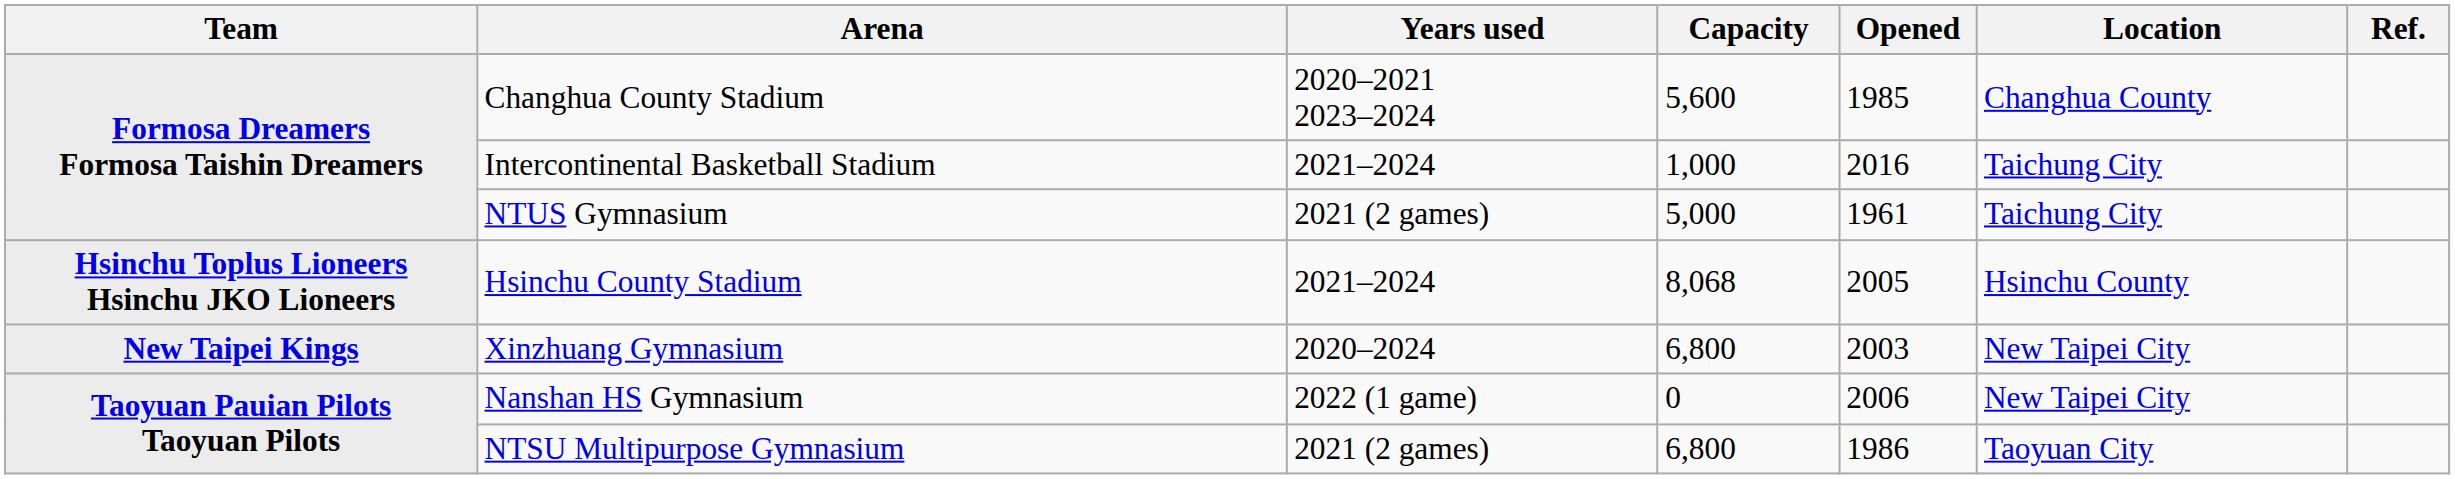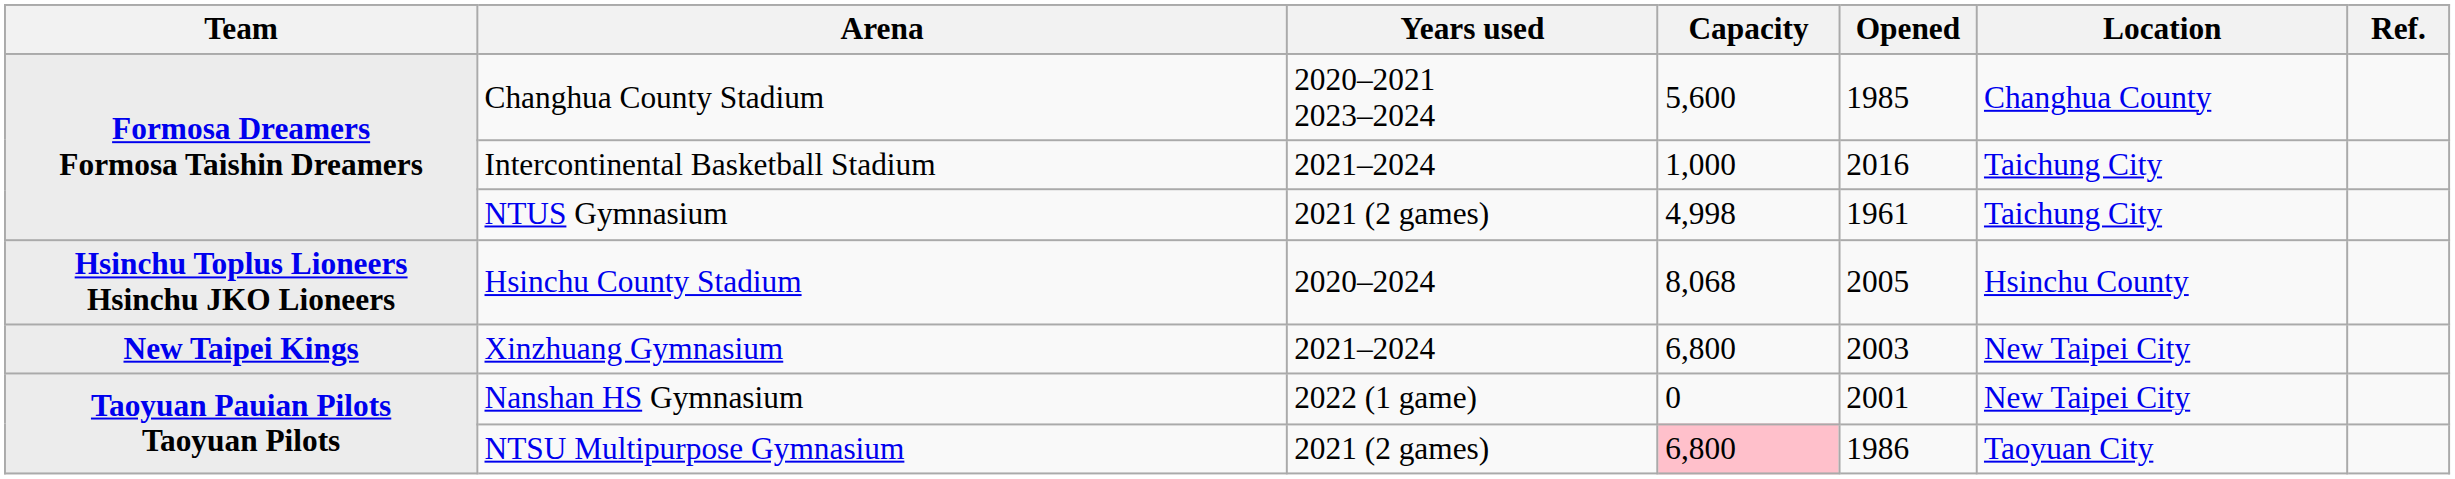 <table class="wikitable sortable plainrowheaders” style="font-size: 85%; text-align: center; width: 100%;">
 <tr>
 <th style="width:14%">Team</th>
 <th style="width:24%">Arena</th>
 <th style="width:11%">Years used</th>
 <th style="width:5%">Capacity</th>
 <th style="width:2%">Opened</th>
 <th style="width:11%">Location</th>
 <th style="width:3%">Ref.</th>
 </tr>
 <tr>
 <th style="background: #ececec;" rowspan=3><a href='#'>Formosa Dreamers</a><br><strong>Formosa Taishin Dreamers</strong></th>
 <td>Changhua County Stadium</td>
 <td>2020–2021<br>2023–2024</td>
 <td>5,600</td>
 <td>1985</td>
 <td><a href='#'>Changhua County</a></td>
 <td align="center"></td>
 </tr>
 <tr>
 <td>Intercontinental Basketball Stadium</td>
 <td>2021–2024</td>
 <td>1,000</td>
 <td>2016</td>
 <td><a href='#'>Taichung City</a></td>
 <td align="center"></td>
 </tr>
 <tr>
 <td><a href='#'>NTUS</a> Gymnasium</td>
 <td>2021 (2 games)</td>
-<td>5,000</td>
+<td>4,998</td>
 <td>1961</td>
 <td><a href='#'>Taichung City</a></td>
 <td align="center"></td>
 </tr>
 <tr>
 <th style="background: #ececec;"><a href='#'>Hsinchu Toplus Lioneers</a><br><strong>Hsinchu JKO Lioneers</strong></th>
 <td><a href='#'>Hsinchu County Stadium</a></td>
-<td>2021–2024</td>
+<td>2020–2024</td>
 <td>8,068</td>
 <td>2005</td>
 <td><a href='#'>Hsinchu County</a></td>
 <td align="center"></td>
 </tr>
 <tr>
 <th style="background: #ececec;"><a href='#'>New Taipei Kings</a></th>
 <td><a href='#'>Xinzhuang Gymnasium</a></td>
-<td>2020–2024</td>
+<td>2021–2024</td>
 <td>6,800</td>
 <td>2003</td>
 <td><a href='#'>New Taipei City</a></td>
 <td align="center"></td>
 </tr>
 <tr>
 <th style="background: #ececec;" rowspan=2><a href='#'>Taoyuan Pauian Pilots</a><br><strong>Taoyuan Pilots</strong></th>
 <td><a href='#'>Nanshan HS</a> Gymnasium</td>
 <td>2022 (1 game)</td>
 <td>0</td>
-<td>2006</td>
+<td>2001</td>
 <td><a href='#'>New Taipei City</a></td>
 <td align="center"></td>
 </tr>
 <tr>
 <td><a href='#'>NTSU Multipurpose Gymnasium</a></td>
 <td>2021 (2 games)</td>
-<td>6,800</td>
+<td style="background: pink;">6,800</td>
 <td>1986</td>
 <td><a href='#'>Taoyuan City</a></td>
 <td align="center"></td>
 </tr>
 </table>
